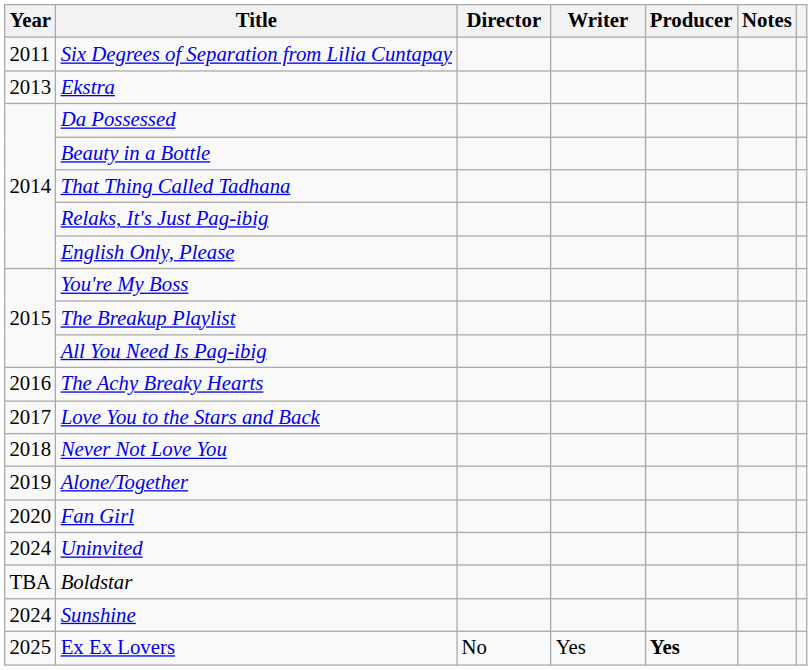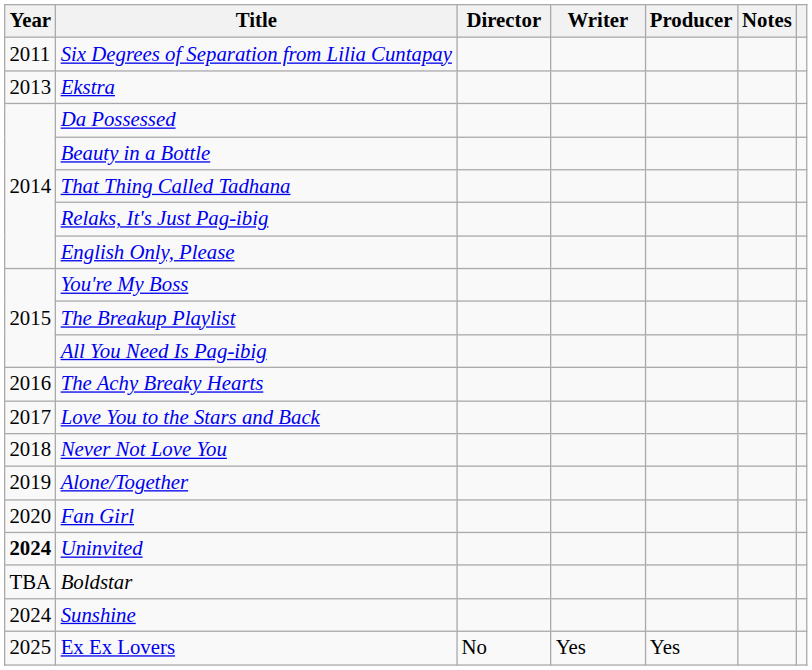 <table class="wikitable">
 <tr>
 <th>Year</th>
 <th>Title</th>
 <th width=65>Director</th>
 <th width=65>Writer</th>
 <th>Producer</th>
 <th>Notes</th>
 <th></th>
 </tr>
 <tr>
 <td>2011</td>
 <td><em><a href='#'>Six Degrees of Separation from Lilia Cuntapay</a></em></td>
 <td></td>
 <td></td>
 <td></td>
 <td></td>
 <td></td>
 </tr>
 <tr>
 <td>2013</td>
 <td><em><a href='#'>Ekstra</a></em></td>
 <td></td>
 <td></td>
 <td></td>
 <td></td>
 <td></td>
 </tr>
 <tr>
 <td rowspan="5">2014</td>
 <td><em><a href='#'>Da Possessed</a></em></td>
 <td></td>
 <td></td>
 <td></td>
 <td></td>
 <td></td>
 </tr>
 <tr>
 <td><em><a href='#'>Beauty in a Bottle</a></em></td>
 <td></td>
 <td></td>
 <td></td>
 <td></td>
 <td></td>
 </tr>
 <tr>
 <td><em><a href='#'>That Thing Called Tadhana</a></em></td>
 <td></td>
 <td></td>
 <td></td>
 <td></td>
 <td></td>
 </tr>
 <tr>
 <td><em><a href='#'>Relaks, It's Just Pag-ibig</a></em></td>
 <td></td>
 <td></td>
 <td></td>
 <td></td>
 <td></td>
 </tr>
 <tr>
 <td><em><a href='#'>English Only, Please</a></em></td>
 <td></td>
 <td></td>
 <td></td>
 <td></td>
 <td></td>
 </tr>
 <tr>
 <td rowspan="3">2015</td>
 <td><em><a href='#'>You're My Boss</a></em></td>
 <td></td>
 <td></td>
 <td></td>
 <td></td>
 <td></td>
 </tr>
 <tr>
 <td><em><a href='#'>The Breakup Playlist</a></em></td>
 <td></td>
 <td></td>
 <td></td>
 <td></td>
 <td></td>
 </tr>
 <tr>
 <td><em><a href='#'>All You Need Is Pag-ibig</a></em></td>
 <td></td>
 <td></td>
 <td></td>
 <td></td>
 <td></td>
 </tr>
 <tr>
 <td>2016</td>
 <td><em><a href='#'>The Achy Breaky Hearts</a></em></td>
 <td></td>
 <td></td>
 <td></td>
 <td></td>
 <td></td>
 </tr>
 <tr>
 <td>2017</td>
 <td><em><a href='#'>Love You to the Stars and Back</a></em></td>
 <td></td>
 <td></td>
 <td></td>
 <td></td>
 <td></td>
 </tr>
 <tr>
 <td>2018</td>
 <td><em><a href='#'>Never Not Love You</a></em></td>
 <td></td>
 <td></td>
 <td></td>
 <td></td>
 <td></td>
 </tr>
 <tr>
 <td>2019</td>
 <td><em><a href='#'>Alone/Together</a></em></td>
 <td></td>
 <td></td>
 <td></td>
 <td></td>
 <td></td>
 </tr>
 <tr>
 <td>2020</td>
 <td><em><a href='#'>Fan Girl</a></em></td>
 <td></td>
 <td></td>
 <td></td>
 <td></td>
 <td></td>
 </tr>
 <tr>
-<td>2024</td>
+<td><strong>2024</strong></td>
 <td><em><a href='#'>Uninvited</a></em></td>
 <td></td>
 <td></td>
 <td></td>
 <td></td>
 <td></td>
 </tr>
 <tr>
 <td>TBA</td>
 <td><em>Boldstar</em></td>
 <td></td>
 <td></td>
 <td></td>
 <td></td>
 <td></td>
 </tr>
 <tr>
 <td>2024</td>
 <td><em><a href='#'>Sunshine</a></em></td>
 <td></td>
 <td></td>
 <td></td>
 <td></td>
 <td></td>
 </tr>
 <tr>
 <td>2025</td>
 <td><a href='#'>Ex Ex Lovers</a></td>
 <td>No</td>
 <td>Yes</td>
-<td><strong>Yes</strong></td>
+<td>Yes</td>
 <td></td>
 <td></td>
 </tr>
 </table>
